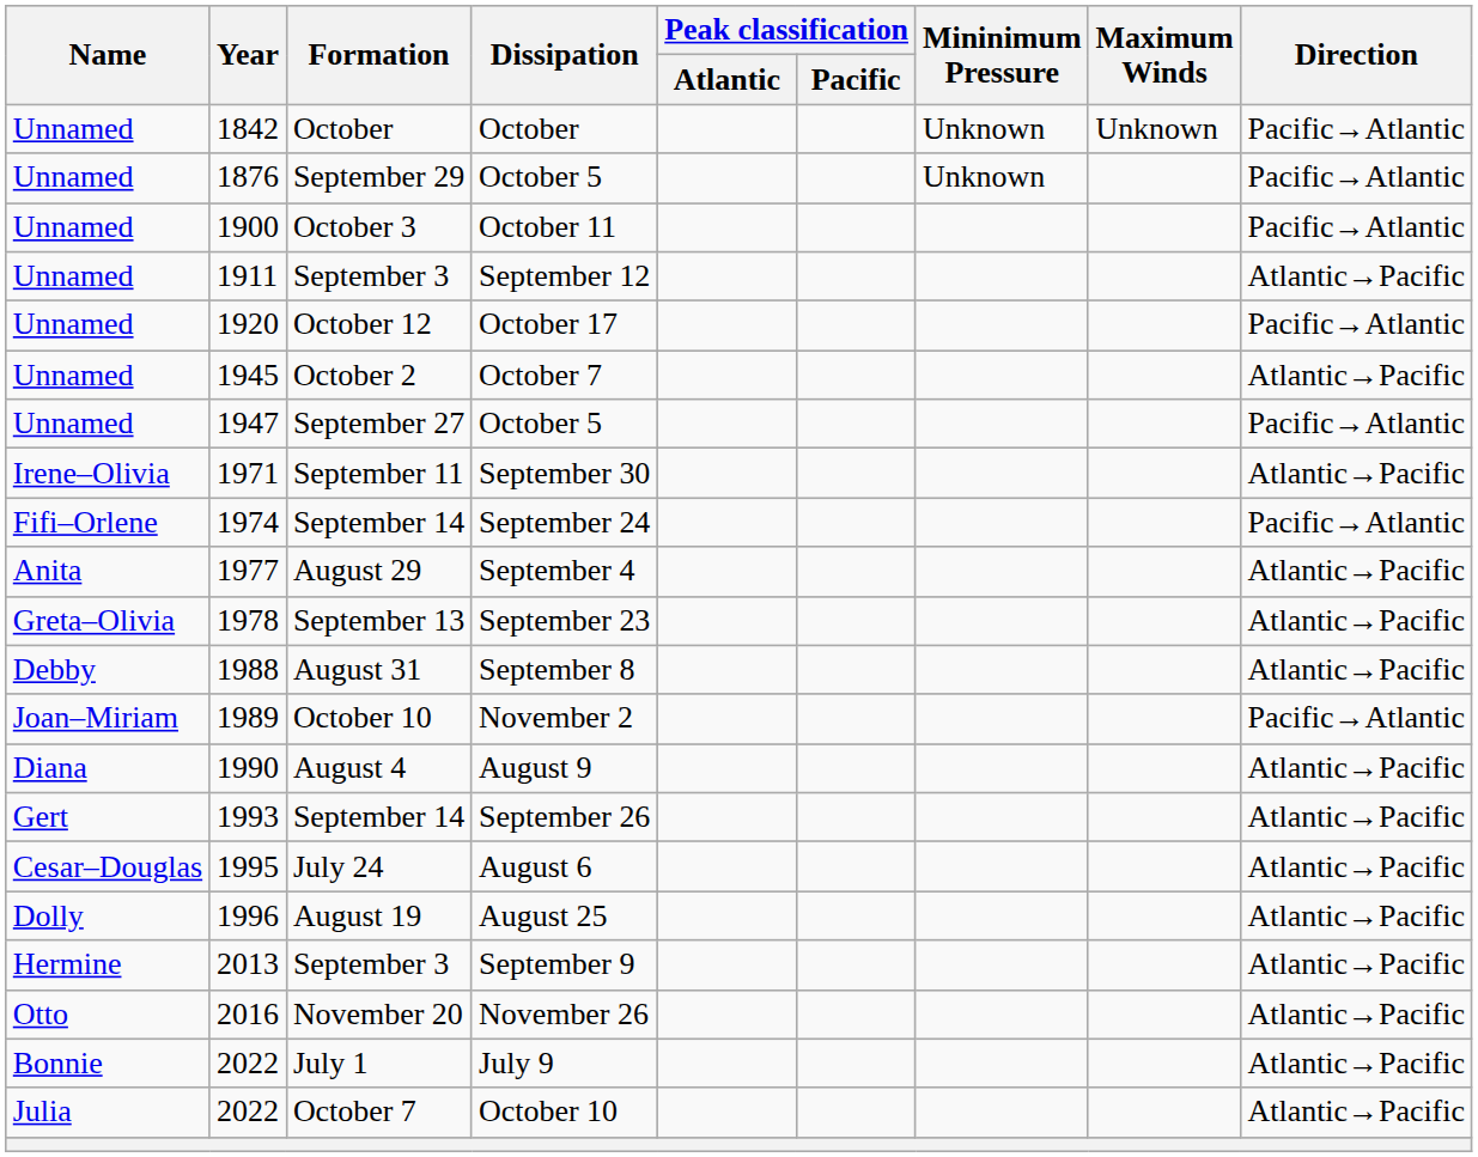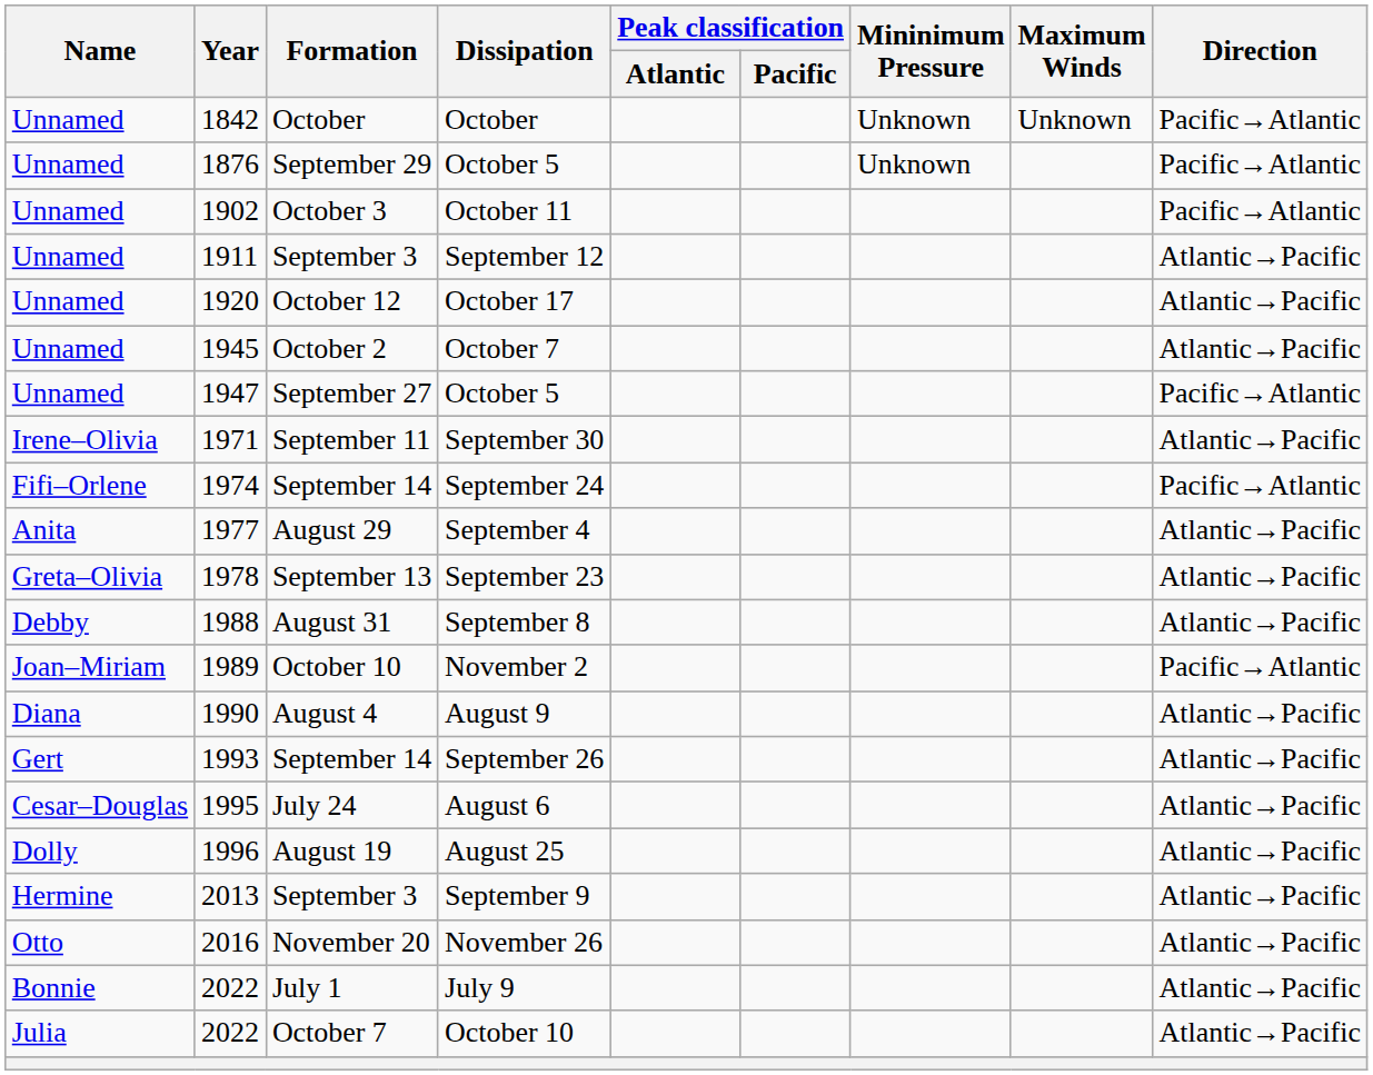 <table class="wikitable sortable">
 <tr>
 <th rowspan=2>Name</th>
 <th rowspan=2>Year</th>
 <th rowspan=2>Formation</th>
 <th rowspan=2>Dissipation</th>
 <th colspan=2><a href='#'>Peak classification</a></th>
 <th rowspan=2>Mininimum<br>Pressure</th>
 <th rowspan=2>Maximum<br>Winds</th>
 <th rowspan=2>Direction</th>
 </tr>
 <tr>
 <th>Atlantic</th>
 <th>Pacific</th>
 </tr>
 <tr>
 <td><a href='#'>Unnamed</a></td>
 <td>1842</td>
 <td>October</td>
 <td>October</td>
 <td></td>
 <td></td>
 <td>Unknown</td>
 <td>Unknown</td>
 <td>Pacific→Atlantic</td>
 </tr>
 <tr>
 <td><a href='#'>Unnamed</a></td>
 <td>1876</td>
 <td>September 29</td>
 <td>October 5</td>
 <td></td>
 <td></td>
 <td>Unknown</td>
 <td></td>
 <td>Pacific→Atlantic</td>
 </tr>
 <tr>
 <td><a href='#'>Unnamed</a></td>
-<td>1900</td>
+<td>1902</td>
 <td>October 3</td>
 <td>October 11</td>
 <td></td>
 <td></td>
 <td></td>
 <td></td>
 <td>Pacific→Atlantic</td>
 </tr>
 <tr>
 <td><a href='#'>Unnamed</a></td>
 <td>1911</td>
 <td>September 3</td>
 <td>September 12</td>
 <td></td>
 <td></td>
 <td></td>
 <td></td>
 <td>Atlantic→Pacific</td>
 </tr>
 <tr>
 <td><a href='#'>Unnamed</a></td>
 <td>1920</td>
 <td>October 12</td>
 <td>October 17</td>
 <td></td>
 <td></td>
 <td></td>
 <td></td>
-<td>Pacific→Atlantic</td>
+<td>Atlantic→Pacific</td>
 </tr>
 <tr>
 <td><a href='#'>Unnamed</a></td>
 <td>1945</td>
 <td>October 2</td>
 <td>October 7</td>
 <td></td>
 <td></td>
 <td></td>
 <td></td>
 <td>Atlantic→Pacific</td>
 </tr>
 <tr>
 <td><a href='#'>Unnamed</a></td>
 <td>1947</td>
 <td>September 27</td>
 <td>October 5</td>
 <td></td>
 <td></td>
 <td></td>
 <td></td>
 <td>Pacific→Atlantic</td>
 </tr>
 <tr>
 <td><a href='#'>Irene–Olivia</a></td>
 <td>1971</td>
 <td>September 11</td>
 <td>September 30</td>
 <td></td>
 <td></td>
 <td></td>
 <td></td>
 <td>Atlantic→Pacific</td>
 </tr>
 <tr>
 <td><a href='#'>Fifi–Orlene</a></td>
 <td>1974</td>
 <td>September 14</td>
 <td>September 24</td>
 <td></td>
 <td></td>
 <td></td>
 <td></td>
 <td>Pacific→Atlantic</td>
 </tr>
 <tr>
 <td><a href='#'>Anita</a></td>
 <td>1977</td>
 <td>August 29</td>
 <td>September 4</td>
 <td></td>
 <td></td>
 <td></td>
 <td></td>
 <td>Atlantic→Pacific</td>
 </tr>
 <tr>
 <td><a href='#'>Greta–Olivia</a></td>
 <td>1978</td>
 <td>September 13</td>
 <td>September 23</td>
 <td></td>
 <td></td>
 <td></td>
 <td></td>
 <td>Atlantic→Pacific</td>
 </tr>
 <tr>
 <td><a href='#'>Debby</a></td>
 <td>1988</td>
 <td>August 31</td>
 <td>September 8</td>
 <td></td>
 <td></td>
 <td></td>
 <td></td>
 <td>Atlantic→Pacific</td>
 </tr>
 <tr>
 <td><a href='#'>Joan–Miriam</a></td>
 <td>1989</td>
 <td>October 10</td>
 <td>November 2</td>
 <td></td>
 <td></td>
 <td></td>
 <td></td>
 <td>Pacific→Atlantic</td>
 </tr>
 <tr>
 <td><a href='#'>Diana</a></td>
 <td>1990</td>
 <td>August 4</td>
 <td>August 9</td>
 <td></td>
 <td></td>
 <td></td>
 <td></td>
 <td>Atlantic→Pacific</td>
 </tr>
 <tr>
 <td><a href='#'>Gert</a></td>
 <td>1993</td>
 <td>September 14</td>
 <td>September 26</td>
 <td></td>
 <td></td>
 <td></td>
 <td></td>
 <td>Atlantic→Pacific</td>
 </tr>
 <tr>
 <td><a href='#'>Cesar–Douglas</a></td>
 <td>1995</td>
 <td>July 24</td>
 <td>August 6</td>
 <td></td>
 <td></td>
 <td></td>
 <td></td>
 <td>Atlantic→Pacific</td>
 </tr>
 <tr>
 <td><a href='#'>Dolly</a></td>
 <td>1996</td>
 <td>August 19</td>
 <td>August 25</td>
 <td></td>
 <td></td>
 <td></td>
 <td></td>
 <td>Atlantic→Pacific</td>
 </tr>
 <tr>
 <td><a href='#'>Hermine</a></td>
 <td>2013</td>
 <td>September 3</td>
 <td>September 9</td>
 <td></td>
 <td></td>
 <td></td>
 <td></td>
 <td>Atlantic→Pacific</td>
 </tr>
 <tr>
 <td><a href='#'>Otto</a></td>
 <td>2016</td>
 <td>November 20</td>
 <td>November 26</td>
 <td></td>
 <td></td>
 <td></td>
 <td></td>
 <td>Atlantic→Pacific</td>
 </tr>
 <tr>
 <td><a href='#'>Bonnie</a></td>
 <td>2022</td>
 <td>July 1</td>
 <td>July 9</td>
 <td></td>
 <td></td>
 <td></td>
 <td></td>
 <td>Atlantic→Pacific</td>
 </tr>
 <tr>
 <td><a href='#'>Julia</a></td>
 <td>2022</td>
 <td>October 7</td>
 <td>October 10</td>
 <td></td>
 <td></td>
 <td></td>
 <td></td>
 <td>Atlantic→Pacific</td>
 </tr>
 <tr>
 <th colspan=9></th>
 </tr>
 </table>
